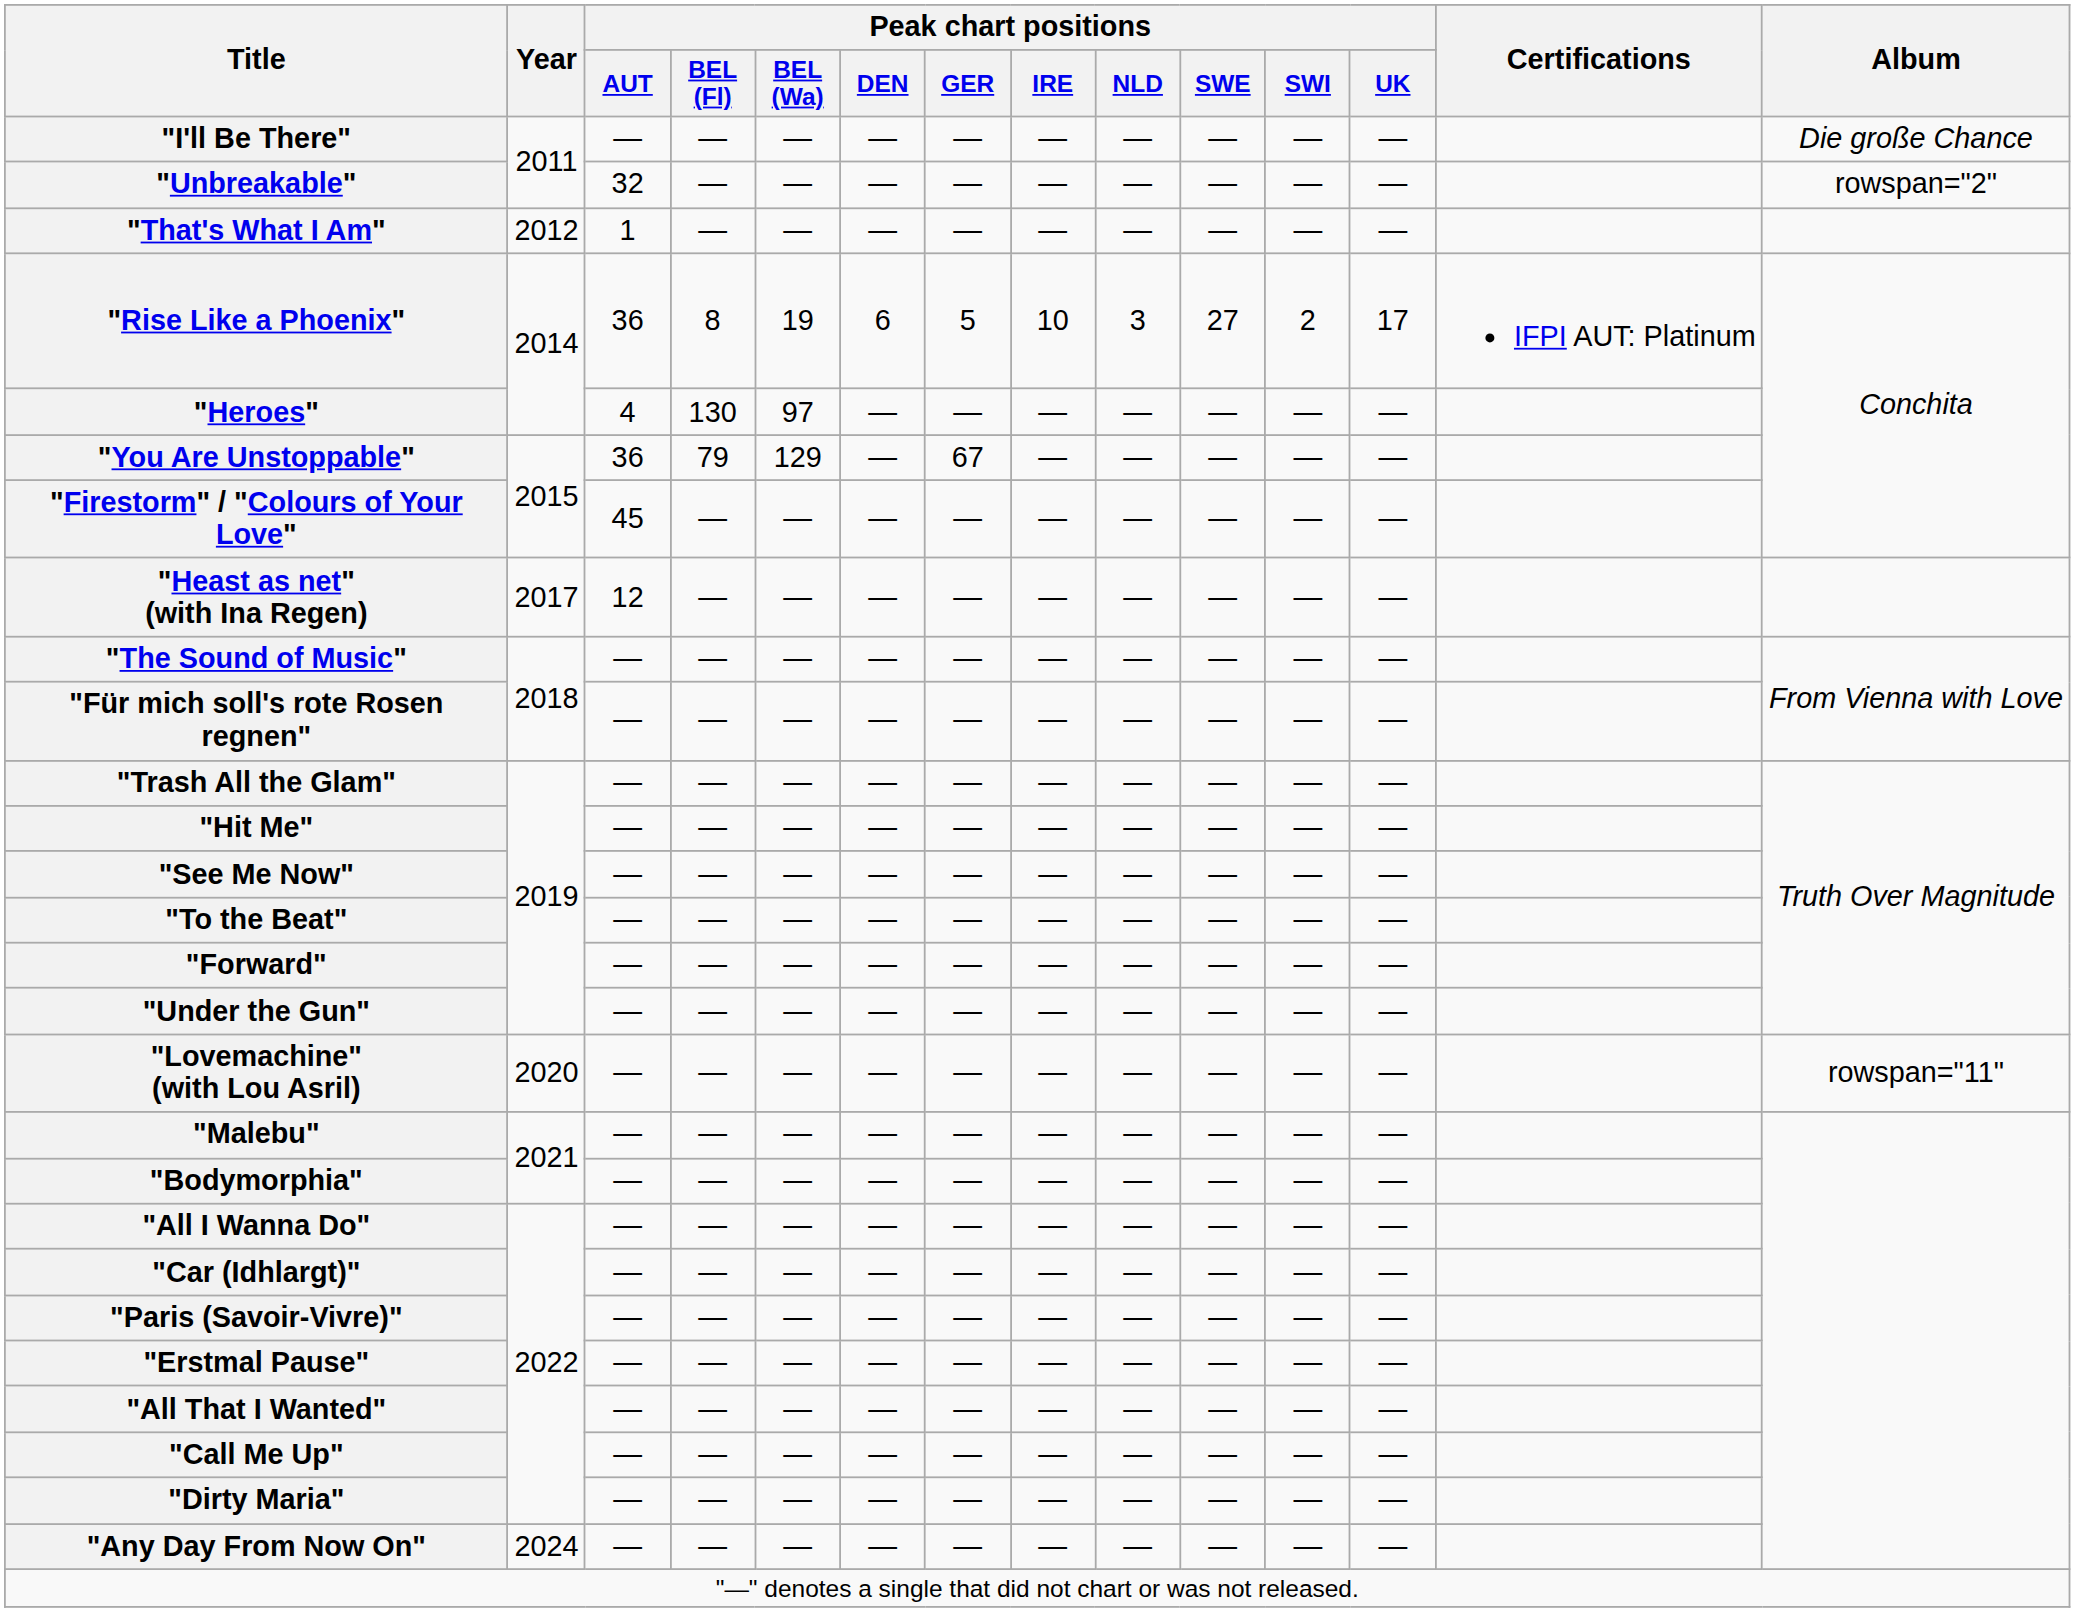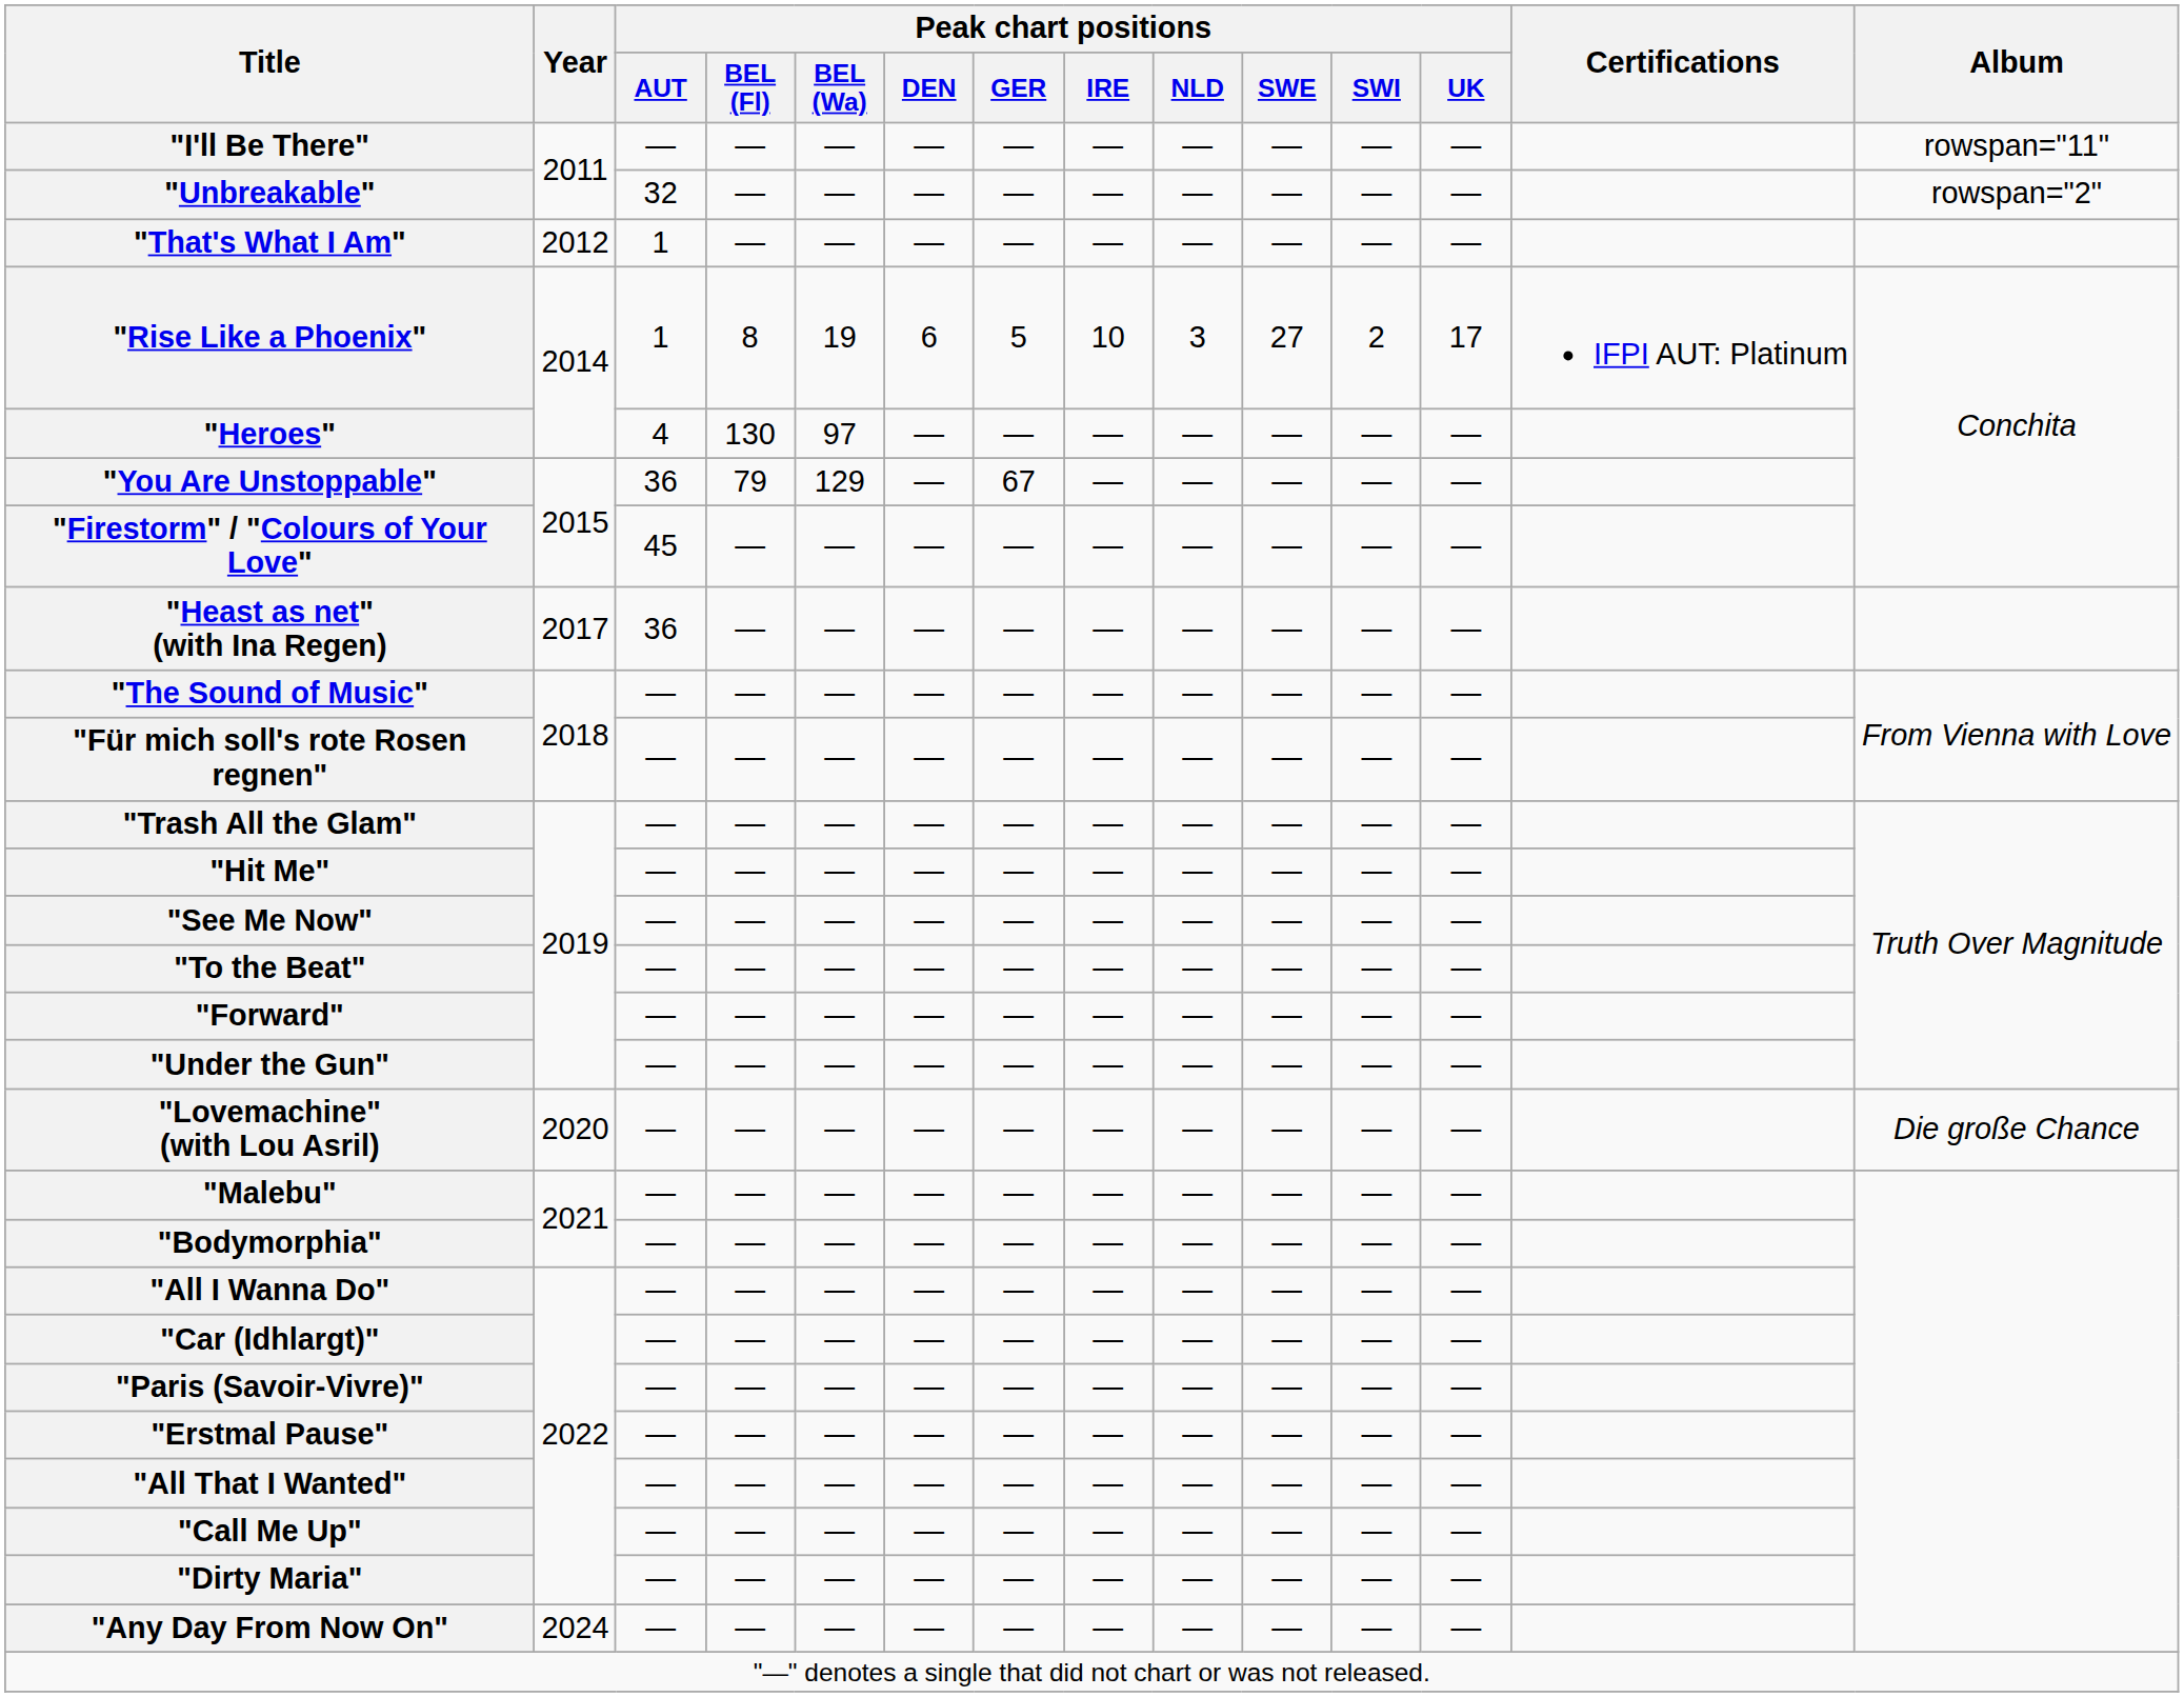 <table class="wikitable plainrowheaders" style="text-align:center;">
 <tr>
 <th scope="col" rowspan="2" style="width:17em;">Title</th>
 <th scope="col" rowspan="2" style="width:1em;">Year</th>
 <th scope="col" colspan="10">Peak chart positions</th>
 <th scope="col" rowspan="2">Certifications</th>
 <th scope="col" rowspan="2">Album</th>
 </tr>
 <tr>
 <th scope="col" style="width:3em;font-size:85%;"><a href='#'>AUT</a><br></th>
 <th scope="col" style="width:3em;font-size:85%;"><a href='#'>BEL<br>(Fl)</a><br></th>
 <th scope="col" style="width:3em;font-size:85%;"><a href='#'>BEL<br>(Wa)</a><br></th>
 <th scope="col" style="width:3em;font-size:85%;"><a href='#'>DEN</a><br></th>
 <th scope="col" style="width:3em;font-size:85%;"><a href='#'>GER</a><br></th>
 <th scope="col" style="width:3em;font-size:85%;"><a href='#'>IRE</a><br></th>
 <th scope="col" style="width:3em;font-size:85%;"><a href='#'>NLD</a><br></th>
 <th scope="col" style="width:3em;font-size:85%;"><a href='#'>SWE</a><br></th>
 <th scope="col" style="width:3em;font-size:85%;"><a href='#'>SWI</a><br></th>
 <th scope="col" style="width:3em;font-size:85%;"><a href='#'>UK</a><br></th>
 </tr>
 <tr>
 <th scope="row">"I'll Be There"</th>
 <td rowspan="2">2011</td>
 <td>—</td>
 <td>—</td>
 <td>—</td>
 <td>—</td>
 <td>—</td>
 <td>—</td>
 <td>—</td>
 <td>—</td>
 <td>—</td>
 <td>—</td>
 <td></td>
-<td><em>Die große Chance</em></td>
+<td>rowspan="11" </td>
 </tr>
 <tr>
 <th scope="row">"<a href='#'>Unbreakable</a>"</th>
 <td>32</td>
 <td>—</td>
 <td>—</td>
 <td>—</td>
 <td>—</td>
 <td>—</td>
 <td>—</td>
 <td>—</td>
 <td>—</td>
 <td>—</td>
 <td></td>
 <td>rowspan="2" </td>
 </tr>
 <tr>
 <th scope="row">"<a href='#'>That's What I Am</a>"</th>
 <td>2012</td>
 <td>1</td>
 <td>—</td>
 <td>—</td>
 <td>—</td>
 <td>—</td>
 <td>—</td>
 <td>—</td>
 <td>—</td>
 <td>—</td>
 <td>—</td>
 <td></td>
 </tr>
 <tr>
 <th scope="row">"<a href='#'>Rise Like a Phoenix</a>"</th>
 <td rowspan="2">2014</td>
-<td>36</td>
+<td>1</td>
 <td>8</td>
 <td>19</td>
 <td>6</td>
 <td>5</td>
 <td>10</td>
 <td>3</td>
 <td>27</td>
 <td>2</td>
 <td>17</td>
 <td><br><ul><li><a href='#'>IFPI</a> AUT: Platinum</li></ul></td>
 <td rowspan="4"><em>Conchita</em></td>
 </tr>
 <tr>
 <th scope="row">"<a href='#'>Heroes</a>"</th>
 <td>4</td>
 <td>130</td>
 <td>97</td>
 <td>—</td>
 <td>—</td>
 <td>—</td>
 <td>—</td>
 <td>—</td>
 <td>—</td>
 <td>—</td>
 <td></td>
 </tr>
 <tr>
 <th scope="row">"<a href='#'>You Are Unstoppable</a>"</th>
 <td rowspan="2">2015</td>
 <td>36</td>
 <td>79</td>
 <td>129</td>
 <td>—</td>
 <td>67</td>
 <td>—</td>
 <td>—</td>
 <td>—</td>
 <td>—</td>
 <td>—</td>
 <td></td>
 </tr>
 <tr>
 <th scope="row">"<a href='#'>Firestorm</a>" / "<a href='#'>Colours of Your Love</a>"</th>
 <td>45</td>
 <td>—</td>
 <td>—</td>
 <td>—</td>
 <td>—</td>
 <td>—</td>
 <td>—</td>
 <td>—</td>
 <td>—</td>
 <td>—</td>
 <td></td>
 </tr>
 <tr>
 <th scope="row">"<a href='#'>Heast as net</a>"<br><span>(with Ina Regen)</span></th>
 <td>2017</td>
-<td>12</td>
+<td>36</td>
 <td>—</td>
 <td>—</td>
 <td>—</td>
 <td>—</td>
 <td>—</td>
 <td>—</td>
 <td>—</td>
 <td>—</td>
 <td>—</td>
 <td></td>
 <td></td>
 </tr>
 <tr>
 <th scope="row">"<a href='#'>The Sound of Music</a>"</th>
 <td rowspan="2">2018</td>
 <td>—</td>
 <td>—</td>
 <td>—</td>
 <td>—</td>
 <td>—</td>
 <td>—</td>
 <td>—</td>
 <td>—</td>
 <td>—</td>
 <td>—</td>
 <td></td>
 <td rowspan="2"><em>From Vienna with Love</em></td>
 </tr>
 <tr>
 <th scope="row">"Für mich soll's rote Rosen regnen"</th>
 <td>—</td>
 <td>—</td>
 <td>—</td>
 <td>—</td>
 <td>—</td>
 <td>—</td>
 <td>—</td>
 <td>—</td>
 <td>—</td>
 <td>—</td>
 <td></td>
 </tr>
 <tr>
 <th scope="row">"Trash All the Glam"</th>
 <td rowspan="6">2019</td>
 <td>—</td>
 <td>—</td>
 <td>—</td>
 <td>—</td>
 <td>—</td>
 <td>—</td>
 <td>—</td>
 <td>—</td>
 <td>—</td>
 <td>—</td>
 <td></td>
 <td rowspan="6"><em>Truth Over Magnitude</em></td>
 </tr>
 <tr>
 <th scope="row">"Hit Me"</th>
 <td>—</td>
 <td>—</td>
 <td>—</td>
 <td>—</td>
 <td>—</td>
 <td>—</td>
 <td>—</td>
 <td>—</td>
 <td>—</td>
 <td>—</td>
 <td></td>
 </tr>
 <tr>
 <th scope="row">"See Me Now"</th>
 <td>—</td>
 <td>—</td>
 <td>—</td>
 <td>—</td>
 <td>—</td>
 <td>—</td>
 <td>—</td>
 <td>—</td>
 <td>—</td>
 <td>—</td>
 <td></td>
 </tr>
 <tr>
 <th scope="row">"To the Beat"</th>
 <td>—</td>
 <td>—</td>
 <td>—</td>
 <td>—</td>
 <td>—</td>
 <td>—</td>
 <td>—</td>
 <td>—</td>
 <td>—</td>
 <td>—</td>
 <td></td>
 </tr>
 <tr>
 <th scope="row">"Forward"</th>
 <td>—</td>
 <td>—</td>
 <td>—</td>
 <td>—</td>
 <td>—</td>
 <td>—</td>
 <td>—</td>
 <td>—</td>
 <td>—</td>
 <td>—</td>
 <td></td>
 </tr>
 <tr>
 <th scope="row">"Under the Gun"</th>
 <td>—</td>
 <td>—</td>
 <td>—</td>
 <td>—</td>
 <td>—</td>
 <td>—</td>
 <td>—</td>
 <td>—</td>
 <td>—</td>
 <td>—</td>
 <td></td>
 </tr>
 <tr>
 <th scope="row">"Lovemachine"<br><span>(with Lou Asril)</span></th>
 <td>2020</td>
 <td>—</td>
 <td>—</td>
 <td>—</td>
 <td>—</td>
 <td>—</td>
 <td>—</td>
 <td>—</td>
 <td>—</td>
 <td>—</td>
 <td>—</td>
 <td></td>
-<td>rowspan="11" </td>
+<td><em>Die große Chance</em></td>
 </tr>
 <tr>
 <th scope="row">"Malebu"</th>
 <td rowspan="2">2021</td>
 <td>—</td>
 <td>—</td>
 <td>—</td>
 <td>—</td>
 <td>—</td>
 <td>—</td>
 <td>—</td>
 <td>—</td>
 <td>—</td>
 <td>—</td>
 <td></td>
 </tr>
 <tr>
 <th scope="row">"Bodymorphia"</th>
 <td>—</td>
 <td>—</td>
 <td>—</td>
 <td>—</td>
 <td>—</td>
 <td>—</td>
 <td>—</td>
 <td>—</td>
 <td>—</td>
 <td>—</td>
 <td></td>
 </tr>
 <tr>
 <th scope="row">"All I Wanna Do"</th>
 <td rowspan="7">2022</td>
 <td>—</td>
 <td>—</td>
 <td>—</td>
 <td>—</td>
 <td>—</td>
 <td>—</td>
 <td>—</td>
 <td>—</td>
 <td>—</td>
 <td>—</td>
 <td></td>
 </tr>
 <tr>
 <th scope="row">"Car (Idhlargt)"</th>
 <td>—</td>
 <td>—</td>
 <td>—</td>
 <td>—</td>
 <td>—</td>
 <td>—</td>
 <td>—</td>
 <td>—</td>
 <td>—</td>
 <td>—</td>
 <td></td>
 </tr>
 <tr>
 <th scope="row">"Paris (Savoir-Vivre)"</th>
 <td>—</td>
 <td>—</td>
 <td>—</td>
 <td>—</td>
 <td>—</td>
 <td>—</td>
 <td>—</td>
 <td>—</td>
 <td>—</td>
 <td>—</td>
 <td></td>
 </tr>
 <tr>
 <th scope="row">"Erstmal Pause"</th>
 <td>—</td>
 <td>—</td>
 <td>—</td>
 <td>—</td>
 <td>—</td>
 <td>—</td>
 <td>—</td>
 <td>—</td>
 <td>—</td>
 <td>—</td>
 <td></td>
 </tr>
 <tr>
 <th scope="row">"All That I Wanted"</th>
 <td>—</td>
 <td>—</td>
 <td>—</td>
 <td>—</td>
 <td>—</td>
 <td>—</td>
 <td>—</td>
 <td>—</td>
 <td>—</td>
 <td>—</td>
 <td></td>
 </tr>
 <tr>
 <th scope="row">"Call Me Up"</th>
 <td>—</td>
 <td>—</td>
 <td>—</td>
 <td>—</td>
 <td>—</td>
 <td>—</td>
 <td>—</td>
 <td>—</td>
 <td>—</td>
 <td>—</td>
 <td></td>
 </tr>
 <tr>
 <th scope="row">"Dirty Maria"</th>
 <td>—</td>
 <td>—</td>
 <td>—</td>
 <td>—</td>
 <td>—</td>
 <td>—</td>
 <td>—</td>
 <td>—</td>
 <td>—</td>
 <td>—</td>
 <td></td>
 </tr>
 <tr>
 <th scope="row">"Any Day From Now On"</th>
 <td rowspan="1">2024</td>
 <td>—</td>
 <td>—</td>
 <td>—</td>
 <td>—</td>
 <td>—</td>
 <td>—</td>
 <td>—</td>
 <td>—</td>
 <td>—</td>
 <td>—</td>
 <td></td>
 </tr>
 <tr>
 <td colspan="21" style="text-align:center; font-size:85%;">"—" denotes a single that did not chart or was not released.</td>
 </tr>
 </table>
